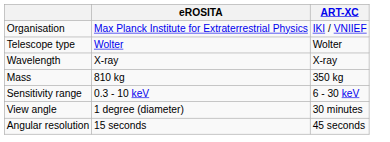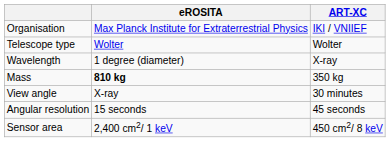 <table class="wikitable">
 <tr>
 <th></th>
 <th>eROSITA</th>
 <th><a href='#'>ART-XC</a></th>
 </tr>
 <tr>
 <td>Organisation</td>
 <td><a href='#'>Max Planck Institute for Extraterrestrial Physics</a></td>
 <td><a href='#'>IKI</a> / <a href='#'>VNIIEF</a></td>
 </tr>
 <tr>
 <td>Telescope type</td>
 <td><a href='#'>Wolter</a></td>
 <td>Wolter</td>
 </tr>
 <tr>
 <td>Wavelength</td>
-<td>X-ray</td>
+<td>1 degree (diameter)</td>
 <td>X-ray</td>
 </tr>
 <tr>
 <td>Mass</td>
-<td>810 kg</td>
+<td><strong>810 kg</strong></td>
 <td>350 kg</td>
 </tr>
 <tr>
-<td>Sensitivity range</td>
-<td>0.3 - 10 <a href='#'>keV</a></td>
-<td>6 - 30 <a href='#'>keV</a></td>
-</tr>
-<tr>
 <td>View angle</td>
-<td>1 degree (diameter)</td>
+<td>X-ray</td>
 <td>30 minutes</td>
 </tr>
 <tr>
 <td>Angular resolution</td>
 <td>15 seconds</td>
 <td>45 seconds</td>
 </tr>
+<tr>
+<td>Sensor area</td>
+<td>2,400 cm<sup>2</sup>/ 1 <a href='#'>keV</a></td>
+<td>450 cm<sup>2</sup>/ 8 <a href='#'>keV</a></td>
+</tr>
 </table>
